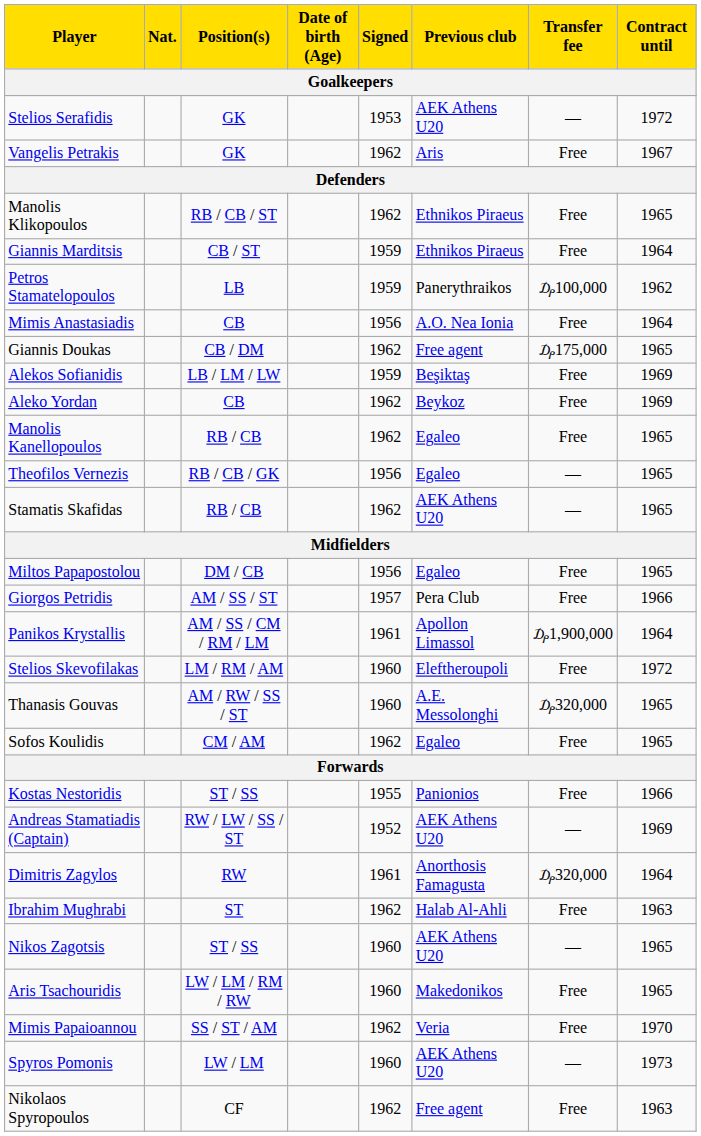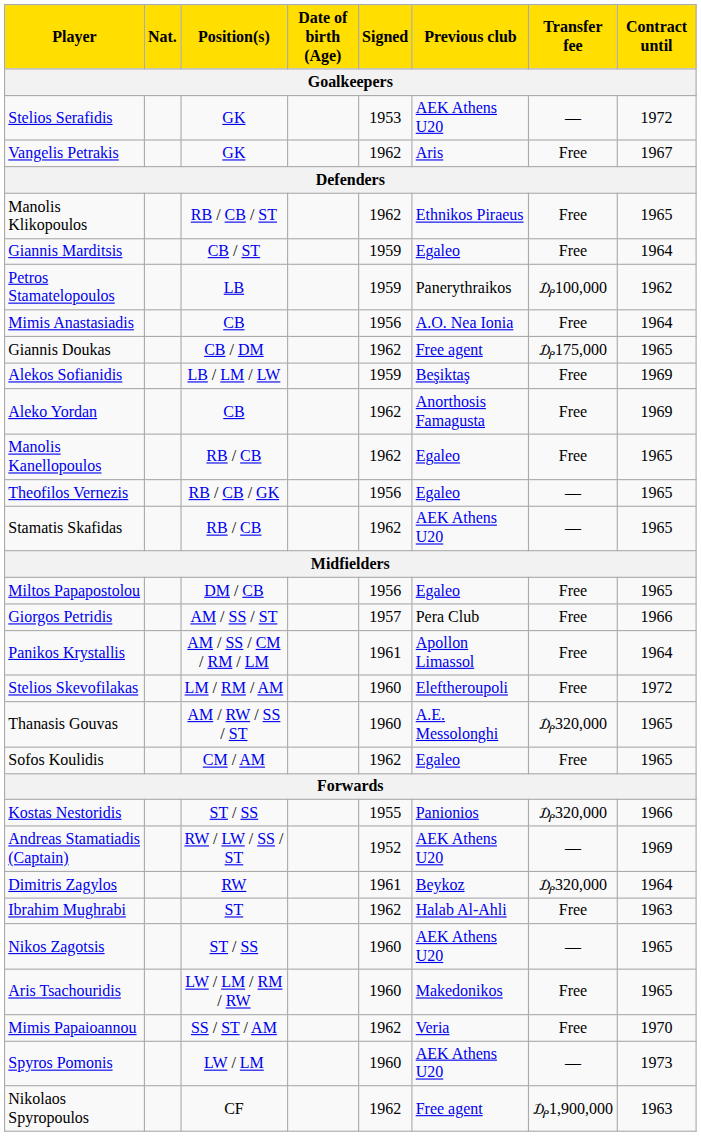 <table class="wikitable" style="text-align:center; font-size:90%;width:100%;">
 <tr>
 <th style="background:#FFDE00">Player</th>
 <th style="background:#FFDE00">Nat.</th>
 <th style="background:#FFDE00">Position(s)</th>
 <th style="background:#FFDE00">Date of birth (Age)</th>
 <th style="background:#FFDE00">Signed</th>
 <th style="background:#FFDE00">Previous club</th>
 <th style="background:#FFDE00">Transfer fee</th>
 <th style="background:#FFDE00">Contract until</th>
 </tr>
 <tr>
 <th colspan="8">Goalkeepers</th>
 </tr>
 <tr>
 <td align=left><a href='#'>Stelios Serafidis</a></td>
 <td></td>
 <td><a href='#'>GK</a></td>
 <td></td>
 <td>1953</td>
 <td align=left> <a href='#'>AEK Athens U20</a></td>
 <td>—</td>
 <td>1972</td>
 </tr>
 <tr>
 <td align=left><a href='#'>Vangelis Petrakis</a></td>
 <td></td>
 <td><a href='#'>GK</a></td>
 <td></td>
 <td>1962</td>
 <td align=left> <a href='#'>Aris</a></td>
 <td>Free</td>
 <td>1967</td>
 </tr>
 <tr>
 <th colspan="8">Defenders</th>
 </tr>
 <tr>
 <td align=left>Manolis Klikopoulos</td>
 <td></td>
 <td><a href='#'>RB</a> / <a href='#'>CB</a> / <a href='#'>ST</a></td>
 <td></td>
 <td>1962</td>
 <td align=left> <a href='#'>Ethnikos Piraeus</a></td>
 <td>Free</td>
 <td>1965</td>
 </tr>
 <tr>
 <td align=left><a href='#'>Giannis Marditsis</a></td>
 <td></td>
 <td><a href='#'>CB</a> / <a href='#'>ST</a></td>
 <td></td>
 <td>1959</td>
-<td align=left> <a href='#'>Ethnikos Piraeus</a></td>
+<td align=left> <a href='#'>Egaleo</a></td>
 <td>Free</td>
 <td>1964</td>
 </tr>
 <tr>
 <td align=left><a href='#'>Petros Stamatelopoulos</a></td>
 <td></td>
 <td><a href='#'>LB</a></td>
 <td></td>
 <td>1959</td>
 <td align=left> Panerythraikos</td>
 <td>₯100,000</td>
 <td>1962</td>
 </tr>
 <tr>
 <td align=left><a href='#'>Mimis Anastasiadis</a></td>
 <td></td>
 <td><a href='#'>CB</a></td>
 <td></td>
 <td>1956</td>
 <td align=left> <a href='#'>A.O. Nea Ionia</a></td>
 <td>Free</td>
 <td>1964</td>
 </tr>
 <tr>
 <td align=left>Giannis Doukas</td>
 <td></td>
 <td><a href='#'>CB</a> / <a href='#'>DM</a></td>
 <td></td>
 <td>1962</td>
 <td align=left><a href='#'>Free agent</a></td>
 <td>₯175,000</td>
 <td>1965</td>
 </tr>
 <tr>
 <td align=left><a href='#'>Alekos Sofianidis</a></td>
 <td></td>
 <td><a href='#'>LB</a> / <a href='#'>LM</a> / <a href='#'>LW</a></td>
 <td></td>
 <td>1959</td>
 <td align=left> <a href='#'>Beşiktaş</a></td>
 <td>Free</td>
 <td>1969</td>
 </tr>
 <tr>
 <td align=left><a href='#'>Aleko Yordan</a></td>
 <td></td>
 <td><a href='#'>CB</a></td>
 <td></td>
 <td>1962</td>
-<td align=left> <a href='#'>Beykoz</a></td>
+<td align=left> <a href='#'>Anorthosis Famagusta</a></td>
 <td>Free</td>
 <td>1969</td>
 </tr>
 <tr>
 <td align=left><a href='#'>Manolis Kanellopoulos</a></td>
 <td></td>
 <td><a href='#'>RB</a> / <a href='#'>CB</a></td>
 <td></td>
 <td>1962</td>
 <td align=left> <a href='#'>Egaleo</a></td>
 <td>Free</td>
 <td>1965</td>
 </tr>
 <tr>
 <td align=left><a href='#'>Theofilos Vernezis</a></td>
 <td></td>
 <td><a href='#'>RB</a> / <a href='#'>CB</a> / <a href='#'>GK</a></td>
 <td></td>
 <td>1956</td>
 <td align=left> <a href='#'>Egaleo</a></td>
 <td>—</td>
 <td>1965</td>
 </tr>
 <tr>
 <td align=left>Stamatis Skafidas</td>
 <td></td>
 <td><a href='#'>RB</a> / <a href='#'>CB</a></td>
 <td></td>
 <td>1962</td>
 <td align=left> <a href='#'>AEK Athens U20</a></td>
 <td>—</td>
 <td>1965</td>
 </tr>
 <tr>
 <th colspan="8">Midfielders</th>
 </tr>
 <tr>
 <td align=left><a href='#'>Miltos Papapostolou</a></td>
 <td></td>
 <td><a href='#'>DM</a> / <a href='#'>CB</a></td>
 <td></td>
 <td>1956</td>
 <td align=left> <a href='#'>Egaleo</a></td>
 <td>Free</td>
 <td>1965</td>
 </tr>
 <tr>
 <td align=left><a href='#'>Giorgos Petridis</a></td>
 <td></td>
 <td><a href='#'>AM</a> / <a href='#'>SS</a> / <a href='#'>ST</a></td>
 <td></td>
 <td>1957</td>
 <td align=left> Pera Club</td>
 <td>Free</td>
 <td>1966</td>
 </tr>
 <tr>
 <td align=left><a href='#'>Panikos Krystallis</a></td>
 <td></td>
 <td><a href='#'>AM</a> / <a href='#'>SS</a> / <a href='#'>CM</a> / <a href='#'>RM</a> / <a href='#'>LM</a></td>
 <td></td>
 <td>1961</td>
 <td align=left> <a href='#'>Apollon Limassol</a></td>
-<td>₯1,900,000</td>
+<td>Free</td>
 <td>1964</td>
 </tr>
 <tr>
 <td align=left><a href='#'>Stelios Skevofilakas</a></td>
 <td></td>
 <td><a href='#'>LM</a> / <a href='#'>RM</a> / <a href='#'>AM</a></td>
 <td></td>
 <td>1960</td>
 <td align=left> <a href='#'>Eleftheroupoli</a></td>
 <td>Free</td>
 <td>1972</td>
 </tr>
 <tr>
 <td align=left>Thanasis Gouvas</td>
 <td></td>
 <td><a href='#'>AM</a> / <a href='#'>RW</a> / <a href='#'>SS</a> / <a href='#'>ST</a></td>
 <td></td>
 <td>1960</td>
 <td align=left> <a href='#'>A.E. Messolonghi</a></td>
 <td>₯320,000</td>
 <td>1965</td>
 </tr>
 <tr>
 <td align=left>Sofos Koulidis</td>
 <td></td>
 <td><a href='#'>CM</a> / <a href='#'>AM</a></td>
 <td></td>
 <td>1962</td>
 <td align=left> <a href='#'>Egaleo</a></td>
 <td>Free</td>
 <td>1965</td>
 </tr>
 <tr>
 <th colspan="8">Forwards</th>
 </tr>
 <tr>
 <td align=left><a href='#'>Kostas Nestoridis</a></td>
 <td></td>
 <td><a href='#'>ST</a> / <a href='#'>SS</a></td>
 <td></td>
 <td>1955</td>
 <td align=left> <a href='#'>Panionios</a></td>
-<td>Free</td>
+<td>₯320,000</td>
 <td>1966</td>
 </tr>
 <tr>
 <td align=left><a href='#'>Andreas Stamatiadis</a> <a href='#'>(Captain)</a></td>
 <td></td>
 <td><a href='#'>RW</a> / <a href='#'>LW</a> / <a href='#'>SS</a> / <a href='#'>ST</a></td>
 <td></td>
 <td>1952</td>
 <td align=left> <a href='#'>AEK Athens U20</a></td>
 <td>—</td>
 <td>1969</td>
 </tr>
 <tr>
 <td align=left><a href='#'>Dimitris Zagylos</a></td>
 <td></td>
 <td><a href='#'>RW</a></td>
 <td></td>
 <td>1961</td>
-<td align=left> <a href='#'>Anorthosis Famagusta</a></td>
+<td align=left> <a href='#'>Beykoz</a></td>
 <td>₯320,000</td>
 <td>1964</td>
 </tr>
 <tr>
 <td align=left><a href='#'>Ibrahim Mughrabi</a></td>
 <td></td>
 <td><a href='#'>ST</a></td>
 <td></td>
 <td>1962</td>
 <td align=left> <a href='#'>Halab Al-Ahli</a></td>
 <td>Free</td>
 <td>1963</td>
 </tr>
 <tr>
 <td align=left><a href='#'>Nikos Zagotsis</a></td>
 <td></td>
 <td><a href='#'>ST</a> / <a href='#'>SS</a></td>
 <td></td>
 <td>1960</td>
 <td align=left> <a href='#'>AEK Athens U20</a></td>
 <td>—</td>
 <td>1965</td>
 </tr>
 <tr>
 <td align=left><a href='#'>Aris Tsachouridis</a></td>
 <td></td>
 <td><a href='#'>LW</a> / <a href='#'>LM</a> / <a href='#'>RM</a> / <a href='#'>RW</a></td>
 <td></td>
 <td>1960</td>
 <td align=left> <a href='#'>Makedonikos</a></td>
 <td>Free</td>
 <td>1965</td>
 </tr>
 <tr>
 <td align=left><a href='#'>Mimis Papaioannou</a></td>
 <td></td>
 <td><a href='#'>SS</a> / <a href='#'>ST</a> / <a href='#'>AM</a></td>
 <td></td>
 <td>1962</td>
 <td align=left> <a href='#'>Veria</a></td>
 <td>Free</td>
 <td>1970</td>
 </tr>
 <tr>
 <td align=left><a href='#'>Spyros Pomonis</a></td>
 <td></td>
 <td><a href='#'>LW</a> / <a href='#'>LM</a></td>
 <td></td>
 <td>1960</td>
 <td align=left> <a href='#'>AEK Athens U20</a></td>
 <td>—</td>
 <td>1973</td>
 </tr>
 <tr>
 <td align=left>Nikolaos Spyropoulos</td>
 <td></td>
 <td>CF</td>
 <td></td>
 <td>1962</td>
 <td align=left><a href='#'>Free agent</a></td>
-<td>Free</td>
+<td>₯1,900,000</td>
 <td>1963</td>
 </tr>
 </table>
